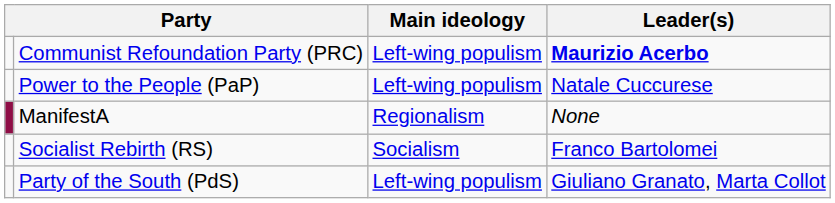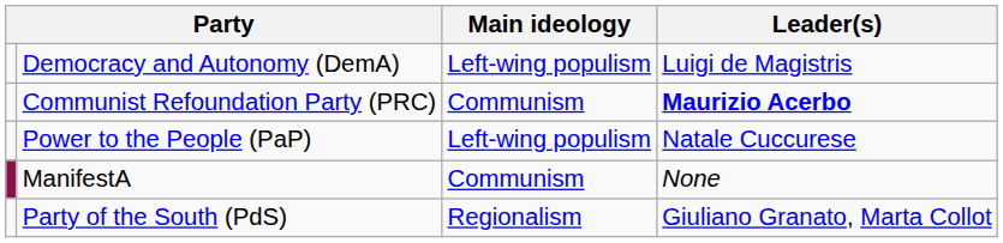 <table class=wikitable style=text-align:left>
 <tr>
 <th colspan=2>Party</th>
 <th>Main ideology</th>
 <th>Leader(s)</th>
 </tr>
 <tr>
 <td></td>
+<td><a href='#'>Democracy and Autonomy</a> (DemA)</td>
+<td><a href='#'>Left-wing populism</a></td>
+<td><a href='#'>Luigi de Magistris</a></td>
+</tr>
+<tr>
+<td></td>
 <td><a href='#'>Communist Refoundation Party</a> (PRC)</td>
-<td><a href='#'>Left-wing populism</a></td>
+<td><a href='#'>Communism</a></td>
 <td><strong><a href='#'>Maurizio Acerbo</a></strong></td>
 </tr>
 <tr>
 <td></td>
 <td><a href='#'>Power to the People</a> (PaP)</td>
 <td><a href='#'>Left-wing populism</a></td>
 <td><a href='#'>Natale Cuccurese</a></td>
 </tr>
 <tr>
 <td bgcolor="#8F0E46"></td>
 <td>ManifestA</td>
-<td><a href='#'>Regionalism</a></td>
+<td><a href='#'>Communism</a></td>
 <td><em>None</em></td>
 </tr>
 <tr>
 <td></td>
-<td><a href='#'>Socialist Rebirth</a> (RS)</td>
-<td><a href='#'>Socialism</a></td>
-<td><a href='#'>Franco Bartolomei</a></td>
-</tr>
-<tr>
-<td></td>
 <td><a href='#'>Party of the South</a> (PdS)</td>
-<td><a href='#'>Left-wing populism</a></td>
+<td><a href='#'>Regionalism</a></td>
 <td><a href='#'>Giuliano Granato</a>, <a href='#'>Marta Collot</a></td>
 </tr>
 </table>
